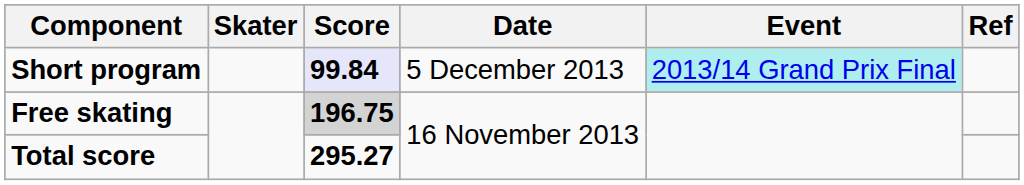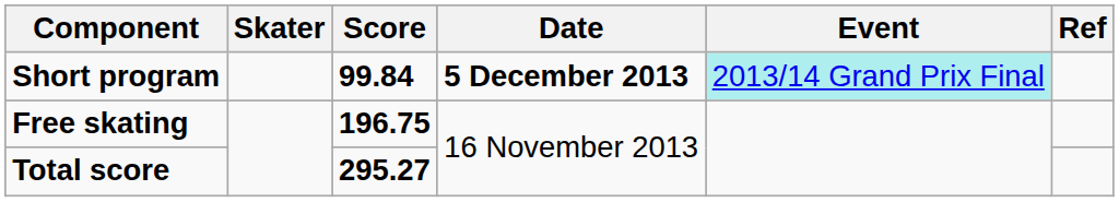 <table class="wikitable">
 <tr>
 <th>Component</th>
 <th>Skater</th>
 <th>Score</th>
 <th>Date</th>
 <th>Event</th>
 <th>Ref</th>
 </tr>
 <tr>
 <td><strong>Short program</strong></td>
 <td></td>
-<td style="background: lavender;"><strong>99.84</strong></td>
-<td>5 December 2013</td>
+<td><strong>99.84</strong></td>
+<td><strong>5 December 2013</strong></td>
 <td style="background: paleturquoise;"><a href='#'>2013/14 Grand Prix Final</a></td>
 <td></td>
 </tr>
 <tr>
 <td><strong>Free skating</strong></td>
 <td rowspan=2></td>
-<td style="background: lightgrey;"><strong>196.75</strong></td>
+<td><strong>196.75</strong></td>
 <td rowspan=2>16 November 2013</td>
 <td rowspan=2></td>
 <td></td>
 </tr>
 <tr>
 <td><strong>Total score</strong></td>
 <td><strong>295.27</strong></td>
 <td></td>
 </tr>
 </table>
